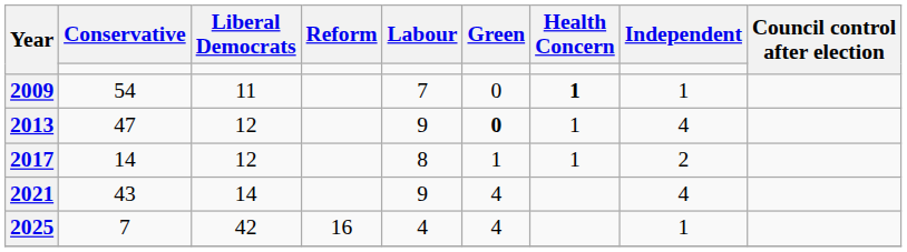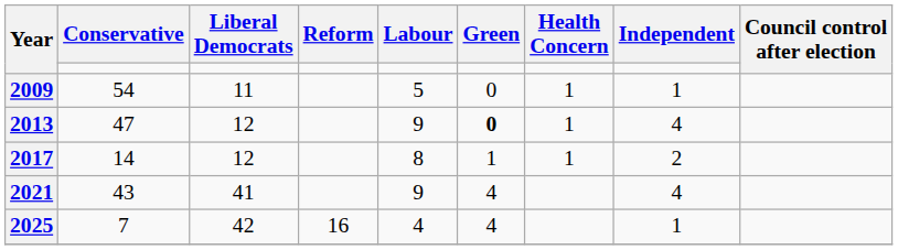 <table class="wikitable plainrowheaders" style="text-align:center">
 <tr>
 <th scope="col" rowspan="2">Year</th>
 <th scope="col"><a href='#'>Conservative</a></th>
 <th scope="col" style="width:1px"><a href='#'>Liberal Democrats</a></th>
 <th scope="col"><a href='#'>Reform</a></th>
 <th scope="col"><a href='#'>Labour</a></th>
 <th scope="col"><a href='#'>Green</a></th>
 <th scope="col" style="width:1px"><a href='#'>Health Concern</a></th>
 <th scope="col"><a href='#'>Independent</a></th>
 <th scope="col" rowspan="2" colspan="2">Council control<br>after election</th>
 </tr>
 <tr>
 <td style="background:"></td>
 <td style="background:"></td>
 <td style="background:"></td>
 <td style="background:"></td>
 <td style="background:"></td>
 <td style="background:"></td>
 <td style="background:"></td>
 </tr>
 <tr>
 <th scope="row"><a href='#'>2009</a></th>
 <td>54</td>
 <td>11</td>
 <td></td>
-<td>7</td>
+<td>5</td>
 <td>0</td>
-<td><strong>1</strong></td>
+<td>1</td>
 <td>1</td>
 <td></td>
 </tr>
 <tr>
 <th scope="row"><a href='#'>2013</a></th>
 <td>47</td>
 <td>12</td>
 <td></td>
 <td>9</td>
 <td><strong>0</strong></td>
 <td>1</td>
 <td>4</td>
 <td></td>
 </tr>
 <tr>
 <th scope="row"><a href='#'>2017</a></th>
 <td>14</td>
 <td>12</td>
 <td></td>
 <td>8</td>
 <td>1</td>
 <td>1</td>
 <td>2</td>
 <td></td>
 </tr>
 <tr>
 <th scope="row"><a href='#'>2021</a></th>
 <td>43</td>
-<td>14</td>
+<td>41</td>
 <td></td>
 <td>9</td>
 <td>4</td>
 <td></td>
 <td>4</td>
 <td></td>
 </tr>
 <tr>
 <th scope="row"><a href='#'>2025</a></th>
 <td>7</td>
 <td>42</td>
 <td>16</td>
 <td>4</td>
 <td>4</td>
 <td></td>
 <td>1</td>
 <td></td>
 </tr>
 <tr>
 </tr>
 </table>
